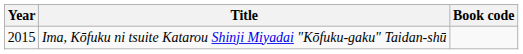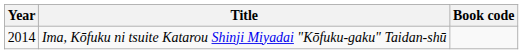 <table class="wikitable">
 <tr>
 <th>Year</th>
 <th>Title</th>
 <th>Book code</th>
 </tr>
 <tr>
-<td>2015</td>
+<td>2014</td>
 <td><em>Ima, Kōfuku ni tsuite Katarou <a href='#'>Shinji Miyadai</a> "Kōfuku-gaku" Taidan-shū</em></td>
 <td></td>
 </tr>
 </table>
